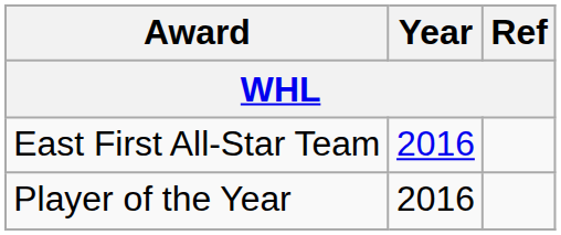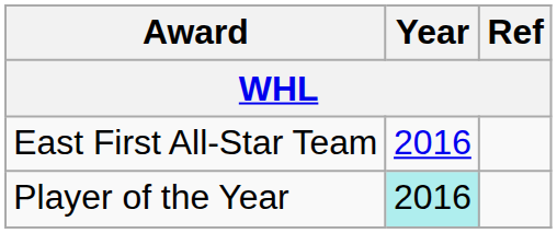 <table class="wikitable">
 <tr>
 <th>Award</th>
 <th>Year</th>
 <th>Ref</th>
 </tr>
 <tr>
 <th align="center" colspan="3"><a href='#'>WHL</a></th>
 </tr>
 <tr>
 <td>East First All-Star Team</td>
 <td><a href='#'>2016</a></td>
 <td></td>
 </tr>
 <tr>
 <td>Player of the Year</td>
-<td>2016</td>
+<td style="background: paleturquoise;">2016</td>
 <td></td>
 </tr>
 </table>
